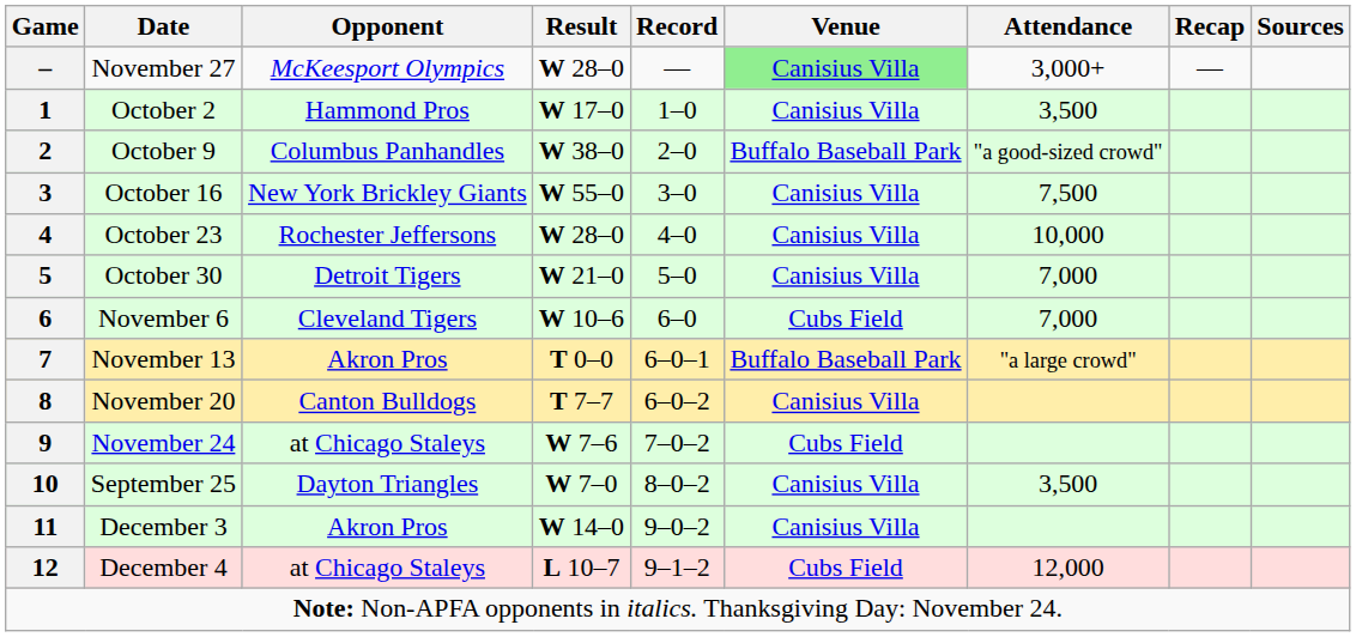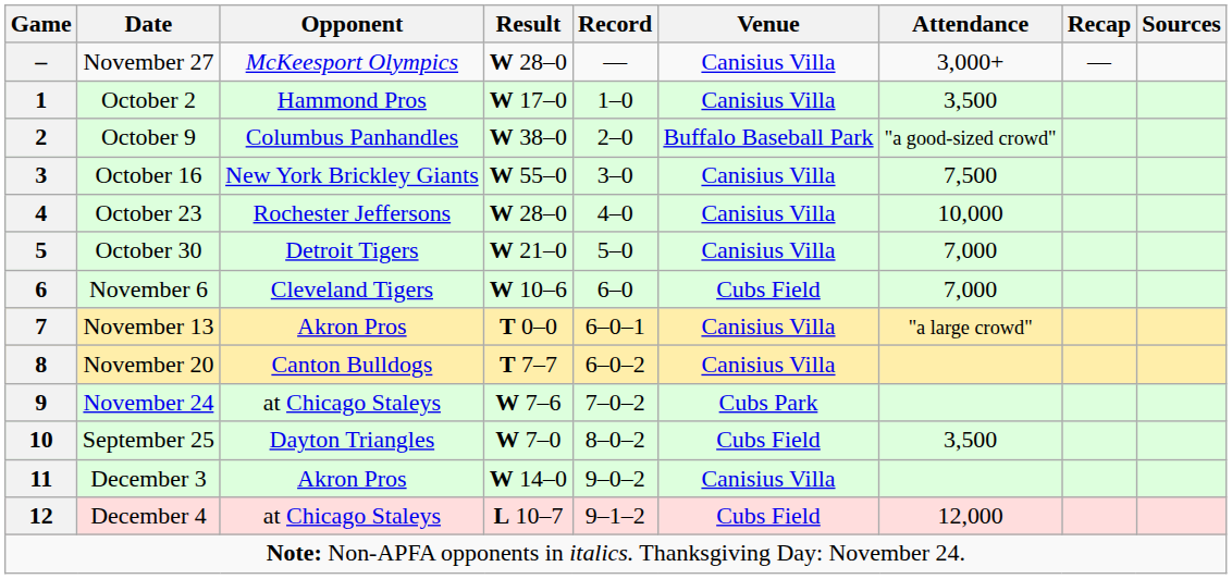 <table class="wikitable" style="text-align:center">
 <tr>
 <th>Game</th>
 <th>Date</th>
 <th>Opponent</th>
 <th>Result</th>
 <th>Record</th>
 <th>Venue</th>
 <th>Attendance</th>
 <th>Recap</th>
 <th>Sources</th>
 </tr>
 <tr>
 <th>–</th>
 <td>November 27</td>
 <td><em><a href='#'>McKeesport Olympics</a></em></td>
 <td><strong>W</strong> 28–0</td>
 <td>—</td>
-<td style="background: lightgreen;"><a href='#'>Canisius Villa</a></td>
+<td><a href='#'>Canisius Villa</a></td>
 <td>3,000+</td>
 <td>—</td>
 <td></td>
 </tr>
 <tr style="background: #ddffdd;">
 <th>1</th>
 <td>October 2</td>
 <td><a href='#'>Hammond Pros</a></td>
 <td><strong>W</strong> 17–0</td>
 <td>1–0</td>
 <td><a href='#'>Canisius Villa</a></td>
 <td>3,500</td>
 <td></td>
 <td></td>
 </tr>
 <tr style="background: #ddffdd;">
 <th>2</th>
 <td>October 9</td>
 <td><a href='#'>Columbus Panhandles</a></td>
 <td><strong>W</strong> 38–0</td>
 <td>2–0</td>
 <td><a href='#'>Buffalo Baseball Park</a></td>
 <td><small>"a good-sized crowd"</small></td>
 <td></td>
 <td></td>
 </tr>
 <tr style="background: #ddffdd;">
 <th>3</th>
 <td>October 16</td>
 <td><a href='#'>New York Brickley Giants</a></td>
 <td><strong>W</strong> 55–0</td>
 <td>3–0</td>
 <td><a href='#'>Canisius Villa</a></td>
 <td>7,500</td>
 <td></td>
 <td></td>
 </tr>
 <tr style="background: #ddffdd;">
 <th>4</th>
 <td>October 23</td>
 <td><a href='#'>Rochester Jeffersons</a></td>
 <td><strong>W</strong> 28–0</td>
 <td>4–0</td>
 <td><a href='#'>Canisius Villa</a></td>
 <td>10,000</td>
 <td></td>
 <td></td>
 </tr>
 <tr style="background: #ddffdd;">
 <th>5</th>
 <td>October 30</td>
 <td><a href='#'>Detroit Tigers</a></td>
 <td><strong>W</strong> 21–0</td>
 <td>5–0</td>
 <td><a href='#'>Canisius Villa</a></td>
 <td>7,000</td>
 <td></td>
 <td></td>
 </tr>
 <tr style="background: #ddffdd;">
 <th>6</th>
 <td>November 6</td>
 <td><a href='#'>Cleveland Tigers</a></td>
 <td><strong>W</strong> 10–6</td>
 <td>6–0</td>
 <td><a href='#'>Cubs Field</a></td>
 <td>7,000</td>
 <td></td>
 <td></td>
 </tr>
 <tr style="background: #ffeeaa;">
 <th>7</th>
 <td>November 13</td>
 <td><a href='#'>Akron Pros</a></td>
 <td><strong>T</strong> 0–0</td>
 <td>6–0–1</td>
-<td><a href='#'>Buffalo Baseball Park</a></td>
+<td><a href='#'>Canisius Villa</a></td>
 <td><small>"a large crowd"</small></td>
 <td></td>
 <td></td>
 </tr>
 <tr style="background: #ffeeaa;">
 <th>8</th>
 <td>November 20</td>
 <td><a href='#'>Canton Bulldogs</a></td>
 <td><strong>T</strong> 7–7</td>
 <td>6–0–2</td>
 <td><a href='#'>Canisius Villa</a></td>
 <td></td>
 <td></td>
 <td></td>
 </tr>
 <tr style="background: #ddffdd;">
 <th>9</th>
 <td><a href='#'>November 24</a></td>
 <td>at <a href='#'>Chicago Staleys</a></td>
 <td><strong>W</strong> 7–6</td>
 <td>7–0–2</td>
-<td><a href='#'>Cubs Field</a></td>
+<td><a href='#'>Cubs Park</a></td>
 <td></td>
 <td></td>
 <td></td>
 </tr>
 <tr style="background: #ddffdd;">
 <th>10</th>
 <td>September 25</td>
 <td><a href='#'>Dayton Triangles</a></td>
 <td><strong>W</strong> 7–0</td>
 <td>8–0–2</td>
-<td><a href='#'>Canisius Villa</a></td>
+<td><a href='#'>Cubs Field</a></td>
 <td>3,500</td>
 <td></td>
 <td></td>
 </tr>
 <tr style="background: #ddffdd;">
 <th>11</th>
 <td>December 3</td>
 <td><a href='#'>Akron Pros</a></td>
 <td><strong>W</strong> 14–0</td>
 <td>9–0–2</td>
 <td><a href='#'>Canisius Villa</a></td>
 <td></td>
 <td></td>
 <td></td>
 </tr>
 <tr style="background: #ffdddd;">
 <th>12</th>
 <td>December 4</td>
 <td>at <a href='#'>Chicago Staleys</a></td>
 <td><strong>L</strong> 10–7</td>
 <td>9–1–2</td>
 <td><a href='#'>Cubs Field</a></td>
 <td>12,000</td>
 <td></td>
 <td></td>
 </tr>
 <tr>
 <td colspan="10"><strong>Note:</strong> Non-APFA opponents in <em>italics.</em> Thanksgiving Day: November 24.</td>
 </tr>
 </table>
